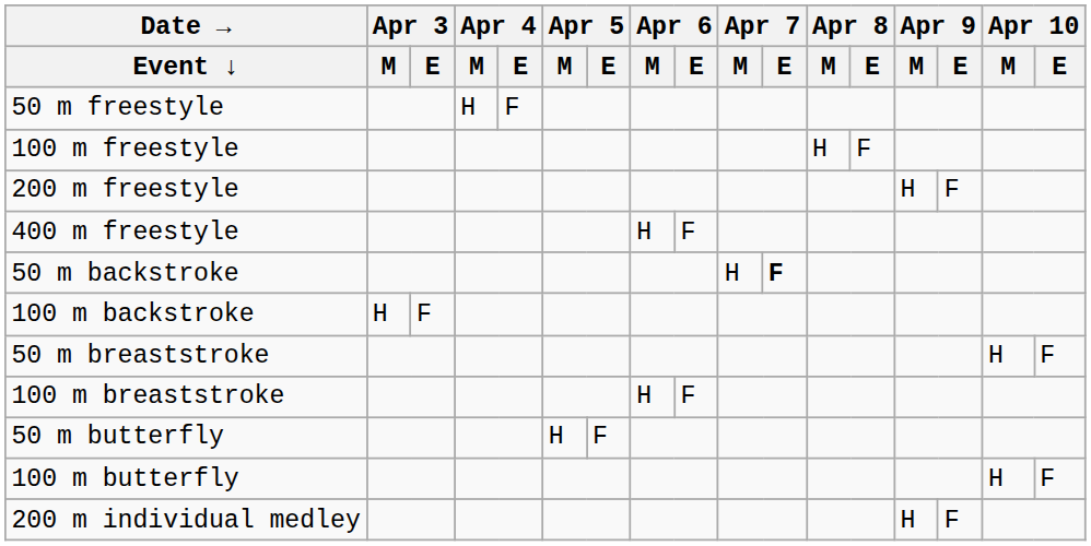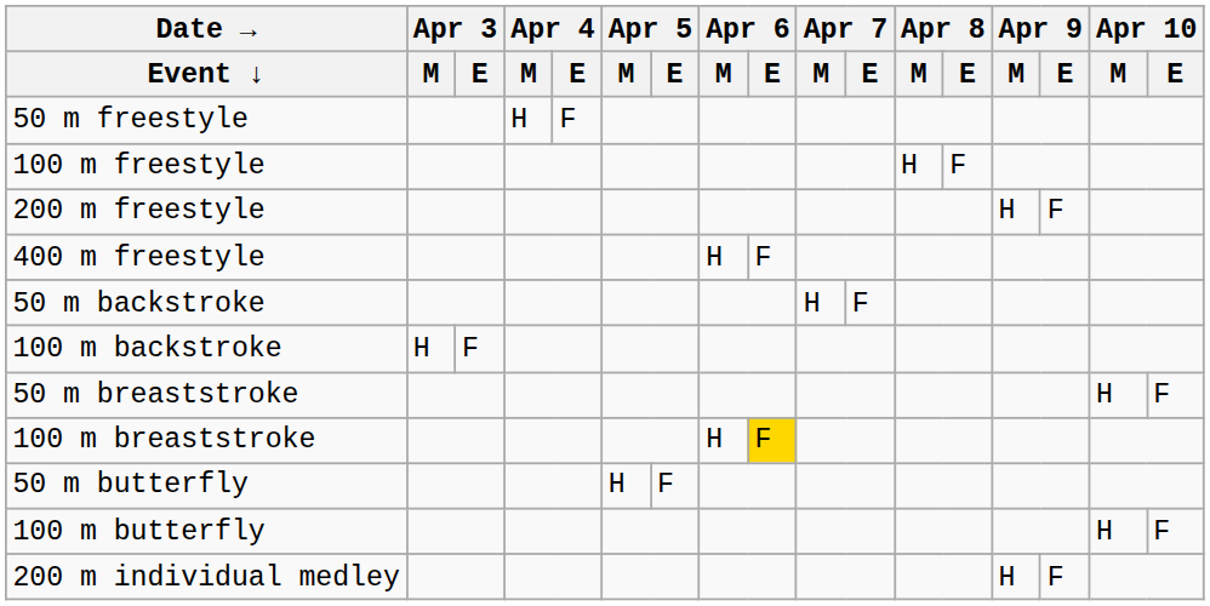 <table class="wikitable swimming-schedule floatleft">
 <tr>
 <th>Date →</th>
 <th colspan="2">Apr 3</th>
 <th colspan="2">Apr 4</th>
 <th colspan="2">Apr 5</th>
 <th colspan="2">Apr 6</th>
 <th colspan="2">Apr 7</th>
 <th colspan="2">Apr 8</th>
 <th colspan="2">Apr 9</th>
 <th colspan="2">Apr 10</th>
 </tr>
 <tr>
 <th>Event   ↓</th>
 <th>M</th>
 <th>E</th>
 <th>M</th>
 <th>E</th>
 <th>M</th>
 <th>E</th>
 <th>M</th>
 <th>E</th>
 <th>M</th>
 <th>E</th>
 <th>M</th>
 <th>E</th>
 <th>M</th>
 <th>E</th>
 <th>M</th>
 <th>E</th>
 </tr>
 <tr>
 <td class="event">50 m freestyle</td>
 <td colspan=2></td>
 <td class="heats">H</td>
 <td class="final">F</td>
 <td colspan=2></td>
 <td colspan=2></td>
 <td colspan=2></td>
 <td colspan=2></td>
 <td colspan=2></td>
 <td colspan=2></td>
 </tr>
 <tr>
 <td class="event">100 m freestyle</td>
 <td colspan=2></td>
 <td colspan=2></td>
 <td colspan=2></td>
 <td colspan=2></td>
 <td colspan=2></td>
 <td class="heats">H</td>
 <td class="final">F</td>
 <td colspan=2></td>
 <td colspan=2></td>
 </tr>
 <tr>
 <td class="event">200 m freestyle</td>
 <td colspan=2></td>
 <td colspan=2></td>
 <td colspan=2></td>
 <td colspan=2></td>
 <td colspan=2></td>
 <td colspan=2></td>
 <td class="heats">H</td>
 <td class="final">F</td>
 <td colspan=2></td>
 </tr>
 <tr>
 <td class="event">400 m freestyle</td>
 <td colspan=2></td>
 <td colspan=2></td>
 <td colspan=2></td>
 <td class="heats">H</td>
 <td class="final">F</td>
 <td colspan=2></td>
 <td colspan=2></td>
 <td colspan=2></td>
 <td colspan=2></td>
 </tr>
 <tr>
 <td class="event">50 m backstroke</td>
 <td colspan=2></td>
 <td colspan=2></td>
 <td colspan=2></td>
 <td colspan=2></td>
 <td class="heats">H</td>
-<td class="final"><strong>F</strong></td>
+<td class="final">F</td>
 <td colspan=2></td>
 <td colspan=2></td>
 <td colspan=2></td>
 </tr>
 <tr>
 <td class="event">100 m backstroke</td>
 <td class="heats">H</td>
 <td class="final">F</td>
 <td colspan=2></td>
 <td colspan=2></td>
 <td colspan=2></td>
 <td colspan=2></td>
 <td colspan=2></td>
 <td colspan=2></td>
 <td colspan=2></td>
 </tr>
 <tr>
 <td class="event">50 m breaststroke</td>
 <td colspan=2></td>
 <td colspan=2></td>
 <td colspan=2></td>
 <td colspan=2></td>
 <td colspan=2></td>
 <td colspan=2></td>
 <td colspan=2></td>
 <td class="heats">H</td>
 <td class="final">F</td>
 </tr>
 <tr>
 <td class="event">100 m breaststroke</td>
 <td colspan=2></td>
 <td colspan=2></td>
 <td colspan=2></td>
 <td class="heats">H</td>
-<td class="final">F</td>
+<td class="final" style="background: gold;">F</td>
 <td colspan=2></td>
 <td colspan=2></td>
 <td colspan=2></td>
 <td colspan=2></td>
 </tr>
 <tr>
 <td class="event">50 m butterfly</td>
 <td colspan=2></td>
 <td colspan=2></td>
 <td class="heats">H</td>
 <td class="final">F</td>
 <td colspan=2></td>
 <td colspan=2></td>
 <td colspan=2></td>
 <td colspan=2></td>
 <td colspan=2></td>
 </tr>
 <tr>
 <td class="event">100 m butterfly</td>
 <td colspan=2></td>
 <td colspan=2></td>
 <td colspan=2></td>
 <td colspan=2></td>
 <td colspan=2></td>
 <td colspan=2></td>
 <td colspan=2></td>
 <td class="heats">H</td>
 <td class="final">F</td>
 </tr>
 <tr>
 <td class="event">200 m individual medley</td>
 <td colspan=2></td>
 <td colspan=2></td>
 <td colspan=2></td>
 <td colspan=2></td>
 <td colspan=2></td>
 <td colspan=2></td>
 <td class="heats">H</td>
 <td class="final">F</td>
 <td colspan=2></td>
 </tr>
 </table>
